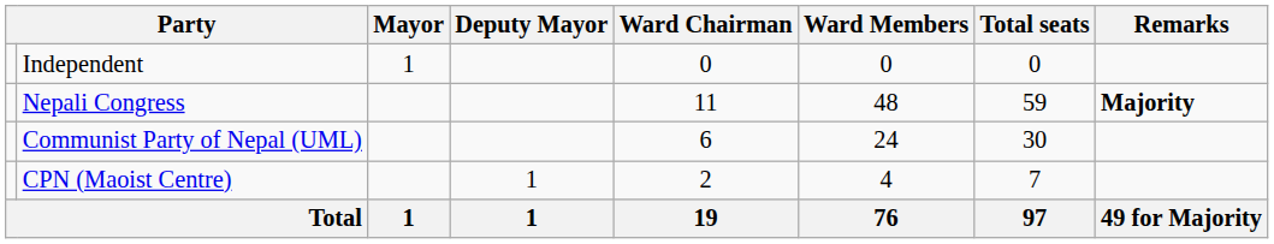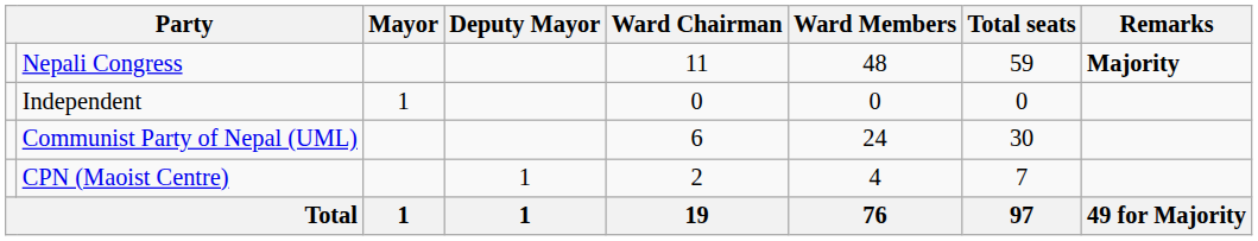 <table class="wikitable sortable">
 <tr>
 <th colspan="2" style="text-align:centre;">Party</th>
 <th>Mayor</th>
 <th>Deputy Mayor</th>
 <th>Ward Chairman</th>
 <th>Ward Members</th>
 <th>Total seats</th>
 <th>Remarks</th>
 </tr>
 <tr>
 <td style="background-color:"></td>
+<td style="text-align:left;"><a href='#'>Nepali Congress</a></td>
+<td style="text-align:center;"></td>
+<td style="text-align:center;"></td>
+<td style="text-align:center;">11</td>
+<td style="text-align:center;">48</td>
+<td style="text-align:center;">59</td>
+<td><strong>Majority</strong></td>
+</tr>
+<tr>
+<td style="background-color:"></td>
 <td style="text-align:left;">Independent</td>
 <td style="text-align:center;">1</td>
 <td></td>
 <td style="text-align:center;">0</td>
 <td style="text-align:center;">0</td>
 <td style="text-align:center;">0</td>
 <td></td>
-</tr>
-<tr>
-<td style="background-color:"></td>
-<td style="text-align:left;"><a href='#'>Nepali Congress</a></td>
-<td style="text-align:center;"></td>
-<td style="text-align:center;"></td>
-<td style="text-align:center;">11</td>
-<td style="text-align:center;">48</td>
-<td style="text-align:center;">59</td>
-<td><strong>Majority</strong></td>
 </tr>
 <tr>
 <td style="background-color:"></td>
 <td style="text-align:left;"><a href='#'>Communist Party of Nepal (UML)</a></td>
 <td></td>
 <td style="text-align:center;"></td>
 <td style="text-align:center;">6</td>
 <td style="text-align:center;">24</td>
 <td style="text-align:center;">30</td>
 <td></td>
 </tr>
 <tr>
 <td style="background-color:"></td>
 <td style="text-align:left;"><a href='#'>CPN (Maoist Centre)</a></td>
 <td></td>
 <td style="text-align:center;">1</td>
 <td style="text-align:center;">2</td>
 <td style="text-align:center;">4</td>
 <td style="text-align:center;">7</td>
 <td></td>
 </tr>
 <tr>
 <th colspan="2" style="text-align:right;">Total</th>
 <th>1</th>
 <th>1</th>
 <th>19</th>
 <th>76</th>
 <th>97</th>
 <th>49 for Majority</th>
 </tr>
 </table>
